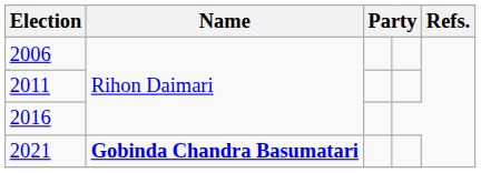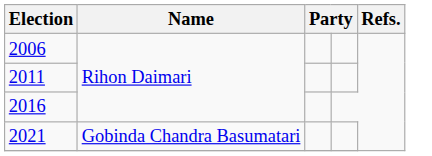 <table class="wikitable sortable">
 <tr>
 <th>Election</th>
 <th>Name</th>
 <th colspan=2>Party</th>
 <th>Refs.</th>
 </tr>
 <tr>
 <td><a href='#'>2006</a></td>
 <td rowspan=3><a href='#'>Rihon Daimari</a></td>
 <td></td>
 <td></td>
 </tr>
 <tr>
 <td><a href='#'>2011</a></td>
 <td></td>
 <td></td>
 </tr>
 <tr>
 <td><a href='#'>2016</a></td>
 <td></td>
 </tr>
 <tr>
 <td><a href='#'>2021</a></td>
-<td><strong><a href='#'>Gobinda Chandra Basumatari</a></strong></td>
+<td><a href='#'>Gobinda Chandra Basumatari</a></td>
 <td></td>
 <td></td>
 </tr>
 <tr>
 </tr>
 </table>
